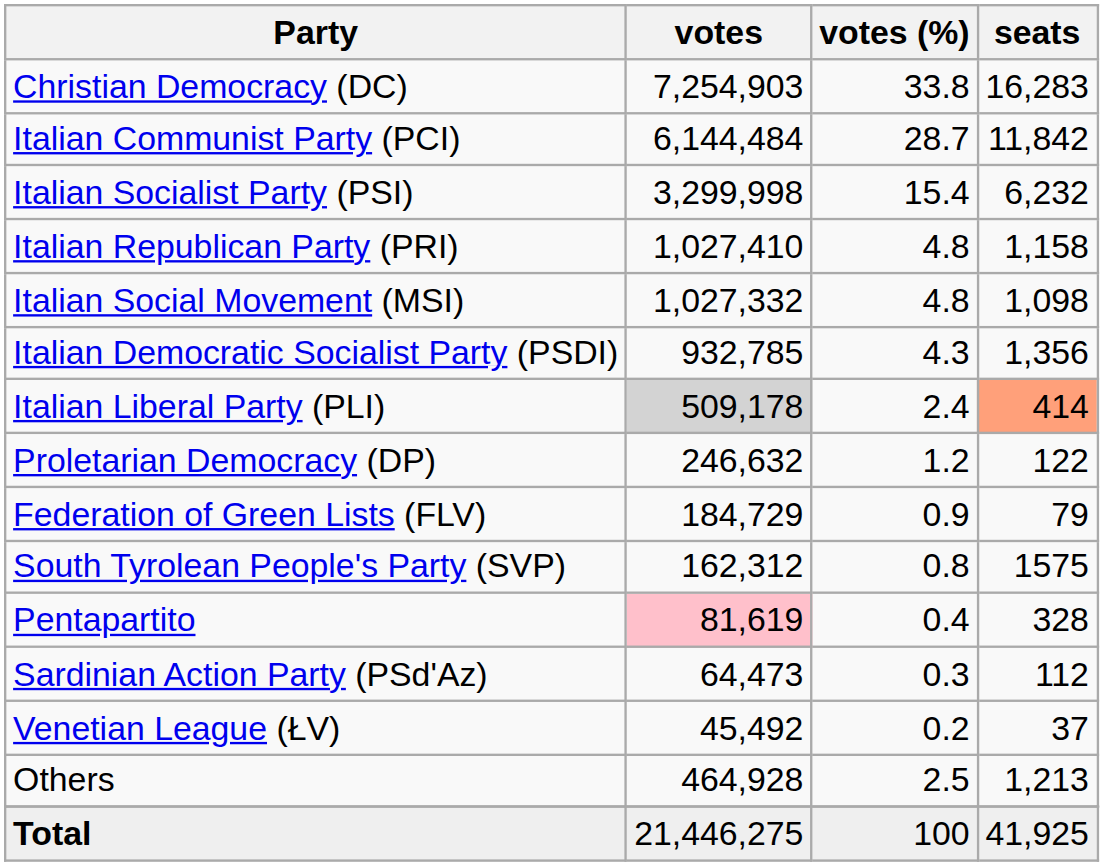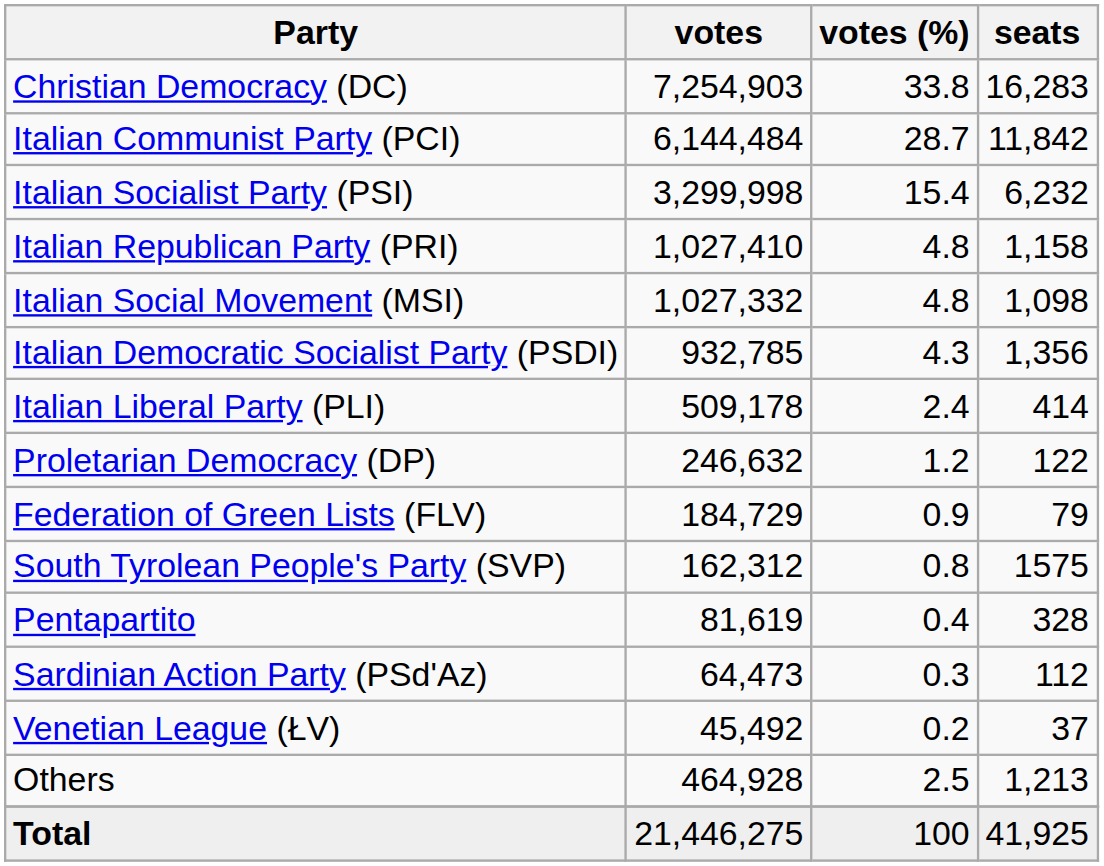 <table class="wikitable" style="font-size: 90%;">
 <tr bgcolor="EFEFEF">
 <th>Party</th>
 <th>votes</th>
 <th>votes (%)</th>
 <th>seats</th>
 </tr>
 <tr>
 <td><a href='#'>Christian Democracy</a> (DC)</td>
 <td align=right>7,254,903</td>
 <td align=right>33.8</td>
 <td align=right>16,283</td>
 </tr>
 <tr>
 <td><a href='#'>Italian Communist Party</a> (PCI)</td>
 <td align=right>6,144,484</td>
 <td align=right>28.7</td>
 <td align=right>11,842</td>
 </tr>
 <tr>
 <td><a href='#'>Italian Socialist Party</a> (PSI)</td>
 <td align=right>3,299,998</td>
 <td align=right>15.4</td>
 <td align=right>6,232</td>
 </tr>
 <tr>
 <td><a href='#'>Italian Republican Party</a> (PRI)</td>
 <td align=right>1,027,410</td>
 <td align=right>4.8</td>
 <td align=right>1,158</td>
 </tr>
 <tr>
 <td><a href='#'>Italian Social Movement</a> (MSI)</td>
 <td align=right>1,027,332</td>
 <td align=right>4.8</td>
 <td align=right>1,098</td>
 </tr>
 <tr>
 <td><a href='#'>Italian Democratic Socialist Party</a> (PSDI)</td>
 <td align=right>932,785</td>
 <td align=right>4.3</td>
 <td align=right>1,356</td>
 </tr>
 <tr>
 <td><a href='#'>Italian Liberal Party</a> (PLI)</td>
-<td align=right style="background: lightgrey;">509,178</td>
+<td align=right>509,178</td>
 <td align=right>2.4</td>
-<td align=right style="background: lightsalmon;">414</td>
+<td align=right>414</td>
 </tr>
 <tr>
 <td><a href='#'>Proletarian Democracy</a> (DP)</td>
 <td align=right>246,632</td>
 <td align=right>1.2</td>
 <td align=right>122</td>
 </tr>
 <tr>
 <td><a href='#'>Federation of Green Lists</a> (FLV)</td>
 <td align=right>184,729</td>
 <td align=right>0.9</td>
 <td align=right>79</td>
 </tr>
 <tr>
 <td><a href='#'>South Tyrolean People's Party</a> (SVP)</td>
 <td align=right>162,312</td>
 <td align=right>0.8</td>
 <td align=right>1575</td>
 </tr>
 <tr>
 <td><a href='#'>Pentapartito</a></td>
-<td align=right style="background: pink;">81,619</td>
+<td align=right>81,619</td>
 <td align=right>0.4</td>
 <td align=right>328</td>
 </tr>
 <tr>
 <td><a href='#'>Sardinian Action Party</a> (PSd'Az)</td>
 <td align=right>64,473</td>
 <td align=right>0.3</td>
 <td align=right>112</td>
 </tr>
 <tr>
 <td><a href='#'>Venetian League</a> (ŁV)</td>
 <td align=right>45,492</td>
 <td align=right>0.2</td>
 <td align=right>37</td>
 </tr>
 <tr>
 <td>Others</td>
 <td align=right>464,928</td>
 <td align=right>2.5</td>
 <td align=right>1,213</td>
 </tr>
 <tr>
 </tr>
 <tr bgcolor="EFEFEF">
 <td align=left><strong>Total</strong></td>
 <td align=right>21,446,275</td>
 <td align=right>100</td>
 <td align=right>41,925</td>
 </tr>
 </table>
